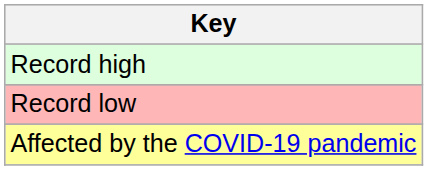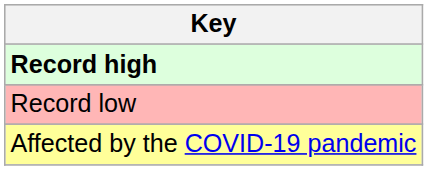 <table class="wikitable">
 <tr>
 <th>Key</th>
 </tr>
 <tr>
-<td style="background:#dfd;">Record high</td>
+<td style="background:#dfd;"><strong>Record high</strong></td>
 </tr>
 <tr>
 <td style="background:#ffb6b6;">Record low</td>
 </tr>
 <tr>
 <td style="background:#ff9;">Affected by the <a href='#'>COVID-19 pandemic</a></td>
 </tr>
 </table>
